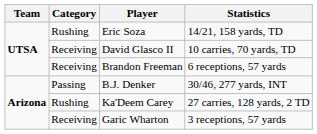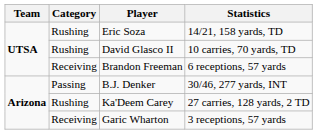 <table class="wikitable" style="float: right;">
 <tr>
 <th>Team</th>
 <th>Category</th>
 <th>Player</th>
 <th>Statistics</th>
 </tr>
 <tr>
 <td rowspan=3><strong>UTSA</strong></td>
 <td>Rushing</td>
 <td>Eric Soza</td>
 <td>14/21, 158 yards, TD</td>
 </tr>
 <tr>
-<td>Receiving</td>
+<td>Rushing</td>
 <td>David Glasco II</td>
 <td>10 carries, 70 yards, TD</td>
 </tr>
 <tr>
 <td>Receiving</td>
 <td>Brandon Freeman</td>
 <td>6 receptions, 57 yards</td>
 </tr>
 <tr>
 <td rowspan=3><strong>Arizona</strong></td>
 <td>Passing</td>
 <td>B.J. Denker</td>
 <td>30/46, 277 yards, INT</td>
 </tr>
 <tr>
 <td>Rushing</td>
 <td>Ka'Deem Carey</td>
 <td>27 carries, 128 yards, 2 TD</td>
 </tr>
 <tr>
 <td>Receiving</td>
 <td>Garic Wharton</td>
 <td>3 receptions, 57 yards</td>
 </tr>
 </table>
